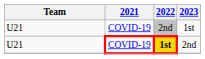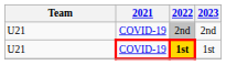 <table class="wikitable sortable" style="text-align:center; font-size:80%">
 <tr>
 <th width=130>Team</th>
 <th><a href='#'>2021</a></th>
 <th><a href='#'>2022</a></th>
 <th><a href='#'>2023</a></th>
 </tr>
 <tr>
 <td align=left> U21</td>
 <td><a href='#'>COVID-19</a></td>
 <td bgcolor=silver>2nd</td>
-<td>1st</td>
+<td>2nd</td>
 </tr>
 <tr>
 <td align=left> U21</td>
 <td style="border:3px solid red"><a href='#'>COVID-19</a></td>
 <td bgcolor=gold style="border:3px solid red"><strong>1st</strong></td>
-<td>2nd</td>
+<td>1st</td>
 </tr>
 <tr>
 </tr>
 </table>
